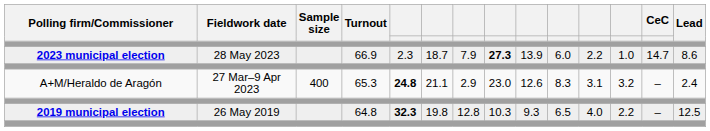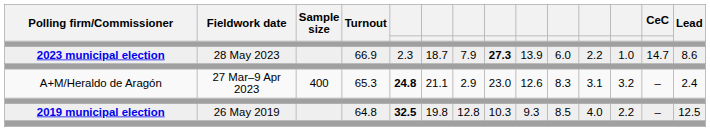 <table class="wikitable collapsible collapsed" style="text-align:center; font-size:95%; line-height:16px;">
 <tr style="height:42px;">
 <th style="width:250px;" rowspan="2">Polling firm/Commissioner</th>
 <th style="width:125px;" rowspan="2">Fieldwork date</th>
 <th style="width:50px;" rowspan="2">Sample size</th>
 <th style="width:45px;" rowspan="2">Turnout</th>
 <th style="width:35px;"></th>
 <th style="width:35px;"></th>
 <th style="width:35px;"></th>
 <th style="width:35px;"></th>
 <th style="width:35px;"></th>
 <th style="width:35px;"></th>
 <th style="width:35px;"></th>
 <th style="width:35px;"></th>
 <th style="width:35px;">CeC</th>
 <th style="width:30px;" rowspan="2">Lead</th>
 </tr>
 <tr>
 <th style="color:inherit;background:"></th>
 <th style="color:inherit;background:"></th>
 <th style="color:inherit;background:"></th>
 <th style="color:inherit;background:"></th>
 <th style="color:inherit;background:"></th>
 <th style="color:inherit;background:"></th>
 <th style="color:inherit;background:"></th>
 <th style="color:inherit;background:"></th>
 <th style="color:inherit;background:"></th>
 </tr>
 <tr>
 <td colspan="14" style="background:#A0A0A0"></td>
 </tr>
 <tr style="background:#EFEFEF;">
 <td><strong><a href='#'>2023 municipal election</a></strong></td>
 <td>28 May 2023</td>
 <td></td>
 <td>66.9</td>
 <td>2.3<br></td>
 <td>18.7<br></td>
 <td>7.9<br></td>
 <td><strong>27.3</strong><br></td>
 <td>13.9<br></td>
 <td>6.0<br></td>
 <td>2.2<br></td>
 <td>1.0<br></td>
 <td>14.7<br></td>
 <td style="background:">8.6</td>
 </tr>
 <tr>
 <td colspan="14" style="background:#A0A0A0"></td>
 </tr>
 <tr>
 <td>A+M/Heraldo de Aragón</td>
 <td>27 Mar–9 Apr 2023</td>
 <td>400</td>
 <td>65.3</td>
 <td><strong>24.8</strong><br></td>
 <td>21.1<br></td>
 <td>2.9<br></td>
 <td>23.0<br></td>
 <td>12.6<br></td>
 <td>8.3<br></td>
 <td>3.1<br></td>
 <td>3.2<br></td>
 <td>–</td>
 <td style="background:">2.4</td>
 </tr>
 <tr>
 <td colspan="14" style="background:#A0A0A0"></td>
 </tr>
 <tr style="background:#EFEFEF;">
 <td><strong><a href='#'>2019 municipal election</a></strong></td>
 <td>26 May 2019</td>
 <td></td>
 <td>64.8</td>
-<td><strong>32.3</strong><br></td>
+<td><strong>32.5</strong><br></td>
 <td>19.8<br></td>
 <td>12.8<br></td>
 <td>10.3<br></td>
 <td>9.3<br></td>
-<td>6.5<br></td>
+<td>8.5<br></td>
 <td>4.0<br></td>
 <td>2.2<br></td>
 <td>–</td>
 <td style="background:">12.5</td>
 </tr>
 <tr>
 <td colspan="14" style="background:#A0A0A0"></td>
 </tr>
 </table>
